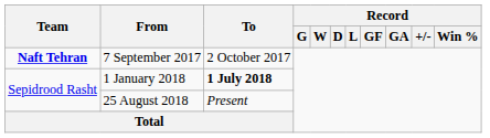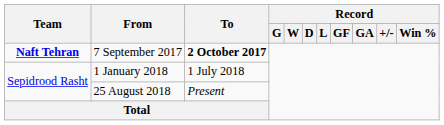 <table class="wikitable" style="text-align: center">
 <tr>
 <th rowspan=2>Team</th>
 <th rowspan=2>From</th>
 <th rowspan=2>To</th>
 <th colspan=8>Record</th>
 </tr>
 <tr>
 <th>G</th>
 <th>W</th>
 <th>D</th>
 <th>L</th>
 <th>GF</th>
 <th>GA</th>
 <th>+/-</th>
 <th>Win %</th>
 </tr>
 <tr>
 <td><strong><a href='#'>Naft Tehran</a></strong></td>
 <td align="left">7 September 2017</td>
-<td align="left">2 October 2017<br></td>
+<td align="left"><strong>2 October 2017<br></strong></td>
 </tr>
 <tr>
 <td rowspan="2"><a href='#'>Sepidrood Rasht</a></td>
 <td align="left">1 January 2018</td>
-<td align="left"><strong>1 July 2018<br></strong></td>
+<td align="left">1 July 2018<br></td>
 </tr>
 <tr>
 <td align="left">25 August 2018</td>
 <td align="left"><em>Present</em><br></td>
 </tr>
 <tr>
 <th colspan=3>Total<br></th>
 </tr>
 </table>
